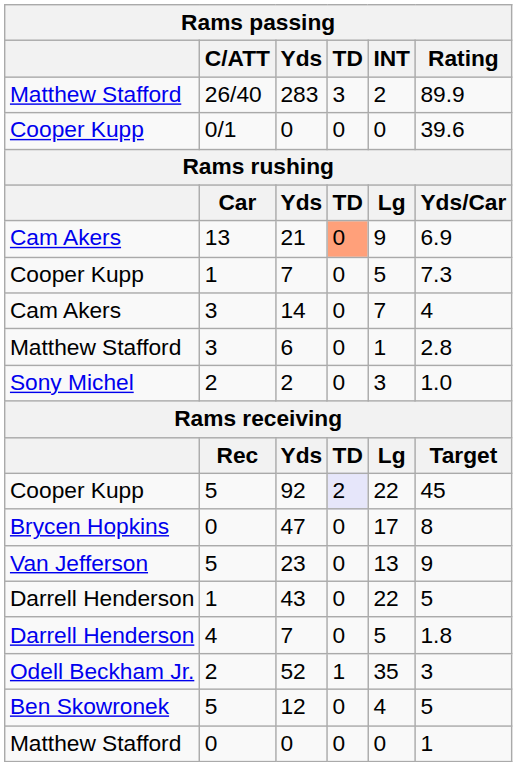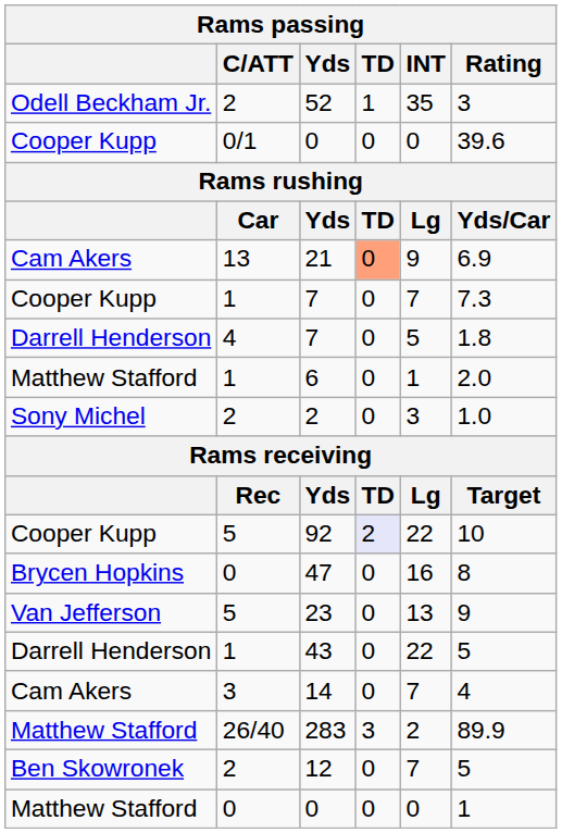 <table class="wikitable plainrowheaders">
 <tr>
 <th colspan="6">Rams passing</th>
 </tr>
 <tr>
 <th scope="col"></th>
 <th scope="col">C/ATT</th>
 <th scope="col">Yds</th>
 <th scope="col">TD</th>
 <th scope="col">INT</th>
 <th scope="col">Rating</th>
 </tr>
 <tr>
-<td><a href='#'>Matthew Stafford</a></td>
-<td>26/40</td>
-<td>283</td>
+<td><a href='#'>Odell Beckham Jr.</a></td>
+<td>2</td>
+<td>52</td>
+<td>1</td>
+<td>35</td>
 <td>3</td>
-<td>2</td>
-<td>89.9</td>
 </tr>
 <tr>
 <td><a href='#'>Cooper Kupp</a></td>
 <td>0/1</td>
 <td>0</td>
 <td>0</td>
 <td>0</td>
 <td>39.6</td>
 </tr>
 <tr>
 <th colspan="6">Rams rushing</th>
 </tr>
 <tr>
 <th scope="col"></th>
 <th scope="col">Car</th>
 <th scope="col">Yds</th>
 <th scope="col">TD</th>
 <th scope="col">Lg</th>
 <th scope="col">Yds/Car</th>
 </tr>
 <tr>
 <td><a href='#'>Cam Akers</a></td>
 <td>13</td>
 <td>21</td>
 <td style="background: lightsalmon;">0</td>
 <td>9</td>
 <td>6.9</td>
 </tr>
 <tr>
 <td>Cooper Kupp</td>
 <td>1</td>
 <td>7</td>
 <td>0</td>
-<td>5</td>
+<td>7</td>
 <td>7.3</td>
 </tr>
 <tr>
-<td>Cam Akers</td>
-<td>3</td>
-<td>14</td>
+<td><a href='#'>Darrell Henderson</a></td>
+<td>4</td>
+<td>7</td>
 <td>0</td>
-<td>7</td>
-<td>4</td>
+<td>5</td>
+<td>1.8</td>
 </tr>
 <tr>
 <td>Matthew Stafford</td>
-<td>3</td>
+<td>1</td>
 <td>6</td>
 <td>0</td>
 <td>1</td>
-<td>2.8</td>
+<td>2.0</td>
 </tr>
 <tr>
 <td><a href='#'>Sony Michel</a></td>
 <td>2</td>
 <td>2</td>
 <td>0</td>
 <td>3</td>
 <td>1.0</td>
 </tr>
 <tr>
 <th colspan="6">Rams receiving</th>
 </tr>
 <tr>
 <th scope="col"></th>
 <th scope="col">Rec</th>
 <th scope="col">Yds</th>
 <th scope="col">TD</th>
 <th scope="col">Lg</th>
 <th scope="col">Target</th>
 </tr>
 <tr>
 <td>Cooper Kupp</td>
 <td>5</td>
 <td>92</td>
 <td style="background: lavender;">2</td>
 <td>22</td>
-<td>45</td>
+<td>10</td>
 </tr>
 <tr>
 <td><a href='#'>Brycen Hopkins</a></td>
 <td>0</td>
 <td>47</td>
 <td>0</td>
-<td>17</td>
+<td>16</td>
 <td>8</td>
 </tr>
 <tr>
 <td><a href='#'>Van Jefferson</a></td>
 <td>5</td>
 <td>23</td>
 <td>0</td>
 <td>13</td>
 <td>9</td>
 </tr>
 <tr>
 <td>Darrell Henderson</td>
 <td>1</td>
 <td>43</td>
 <td>0</td>
 <td>22</td>
 <td>5</td>
 </tr>
 <tr>
-<td><a href='#'>Darrell Henderson</a></td>
+<td>Cam Akers</td>
+<td>3</td>
+<td>14</td>
+<td>0</td>
+<td>7</td>
 <td>4</td>
-<td>7</td>
-<td>0</td>
-<td>5</td>
-<td>1.8</td>
 </tr>
 <tr>
-<td><a href='#'>Odell Beckham Jr.</a></td>
+<td><a href='#'>Matthew Stafford</a></td>
+<td>26/40</td>
+<td>283</td>
+<td>3</td>
 <td>2</td>
-<td>52</td>
-<td>1</td>
-<td>35</td>
-<td>3</td>
+<td>89.9</td>
 </tr>
 <tr>
 <td><a href='#'>Ben Skowronek</a></td>
-<td>5</td>
+<td>2</td>
 <td>12</td>
 <td>0</td>
-<td>4</td>
+<td>7</td>
 <td>5</td>
 </tr>
 <tr>
 <td>Matthew Stafford</td>
 <td>0</td>
 <td>0</td>
 <td>0</td>
 <td>0</td>
 <td>1</td>
 </tr>
 </table>
